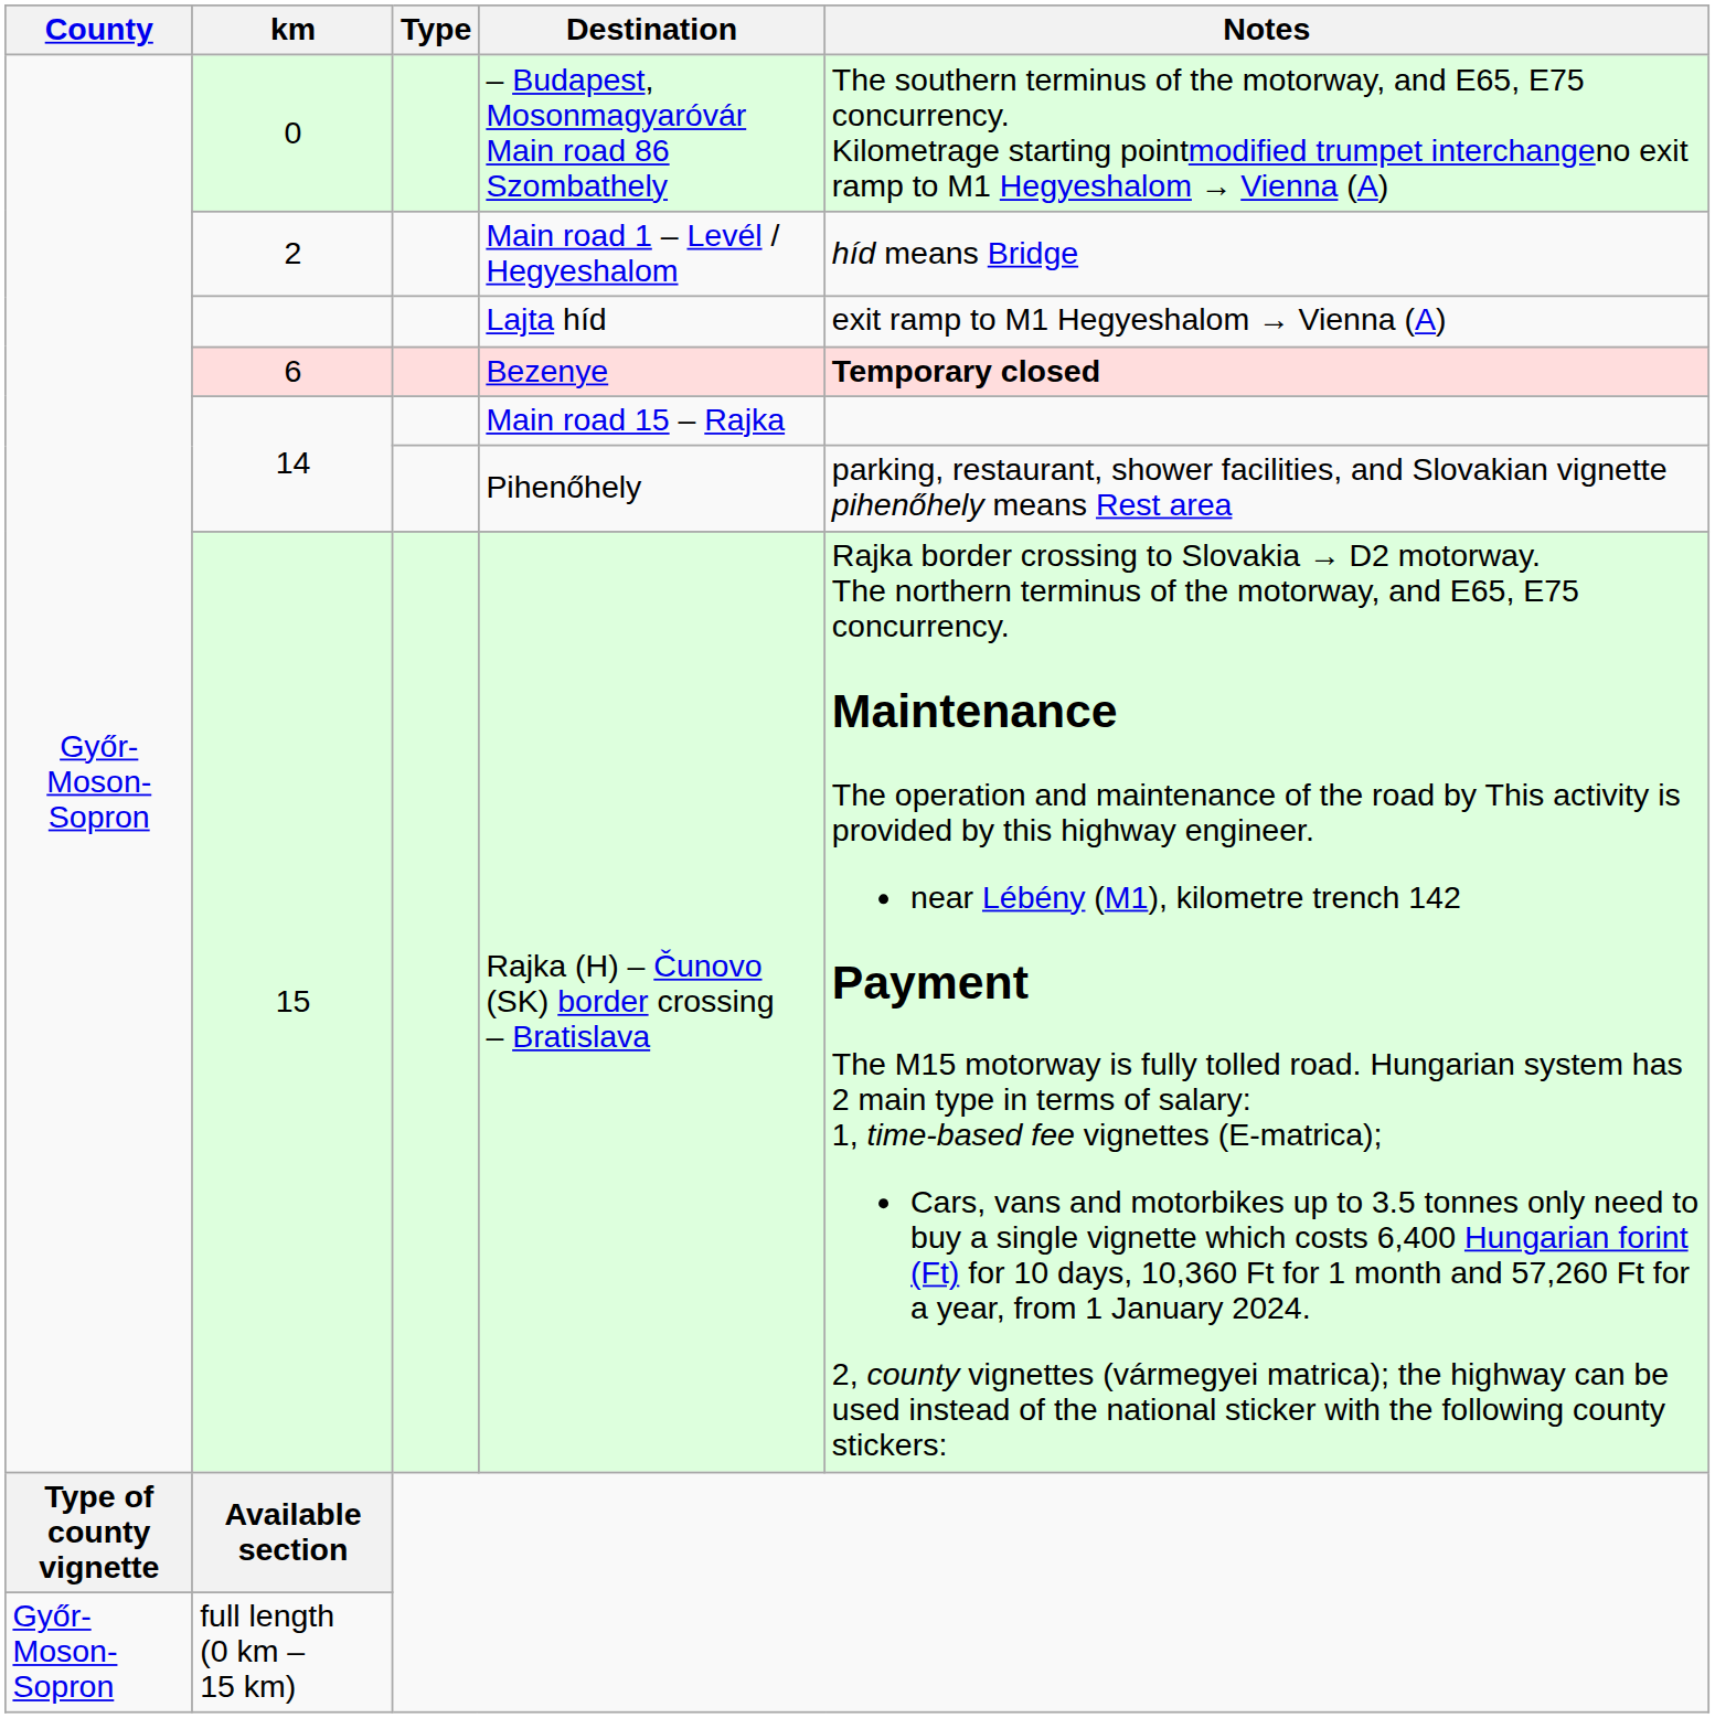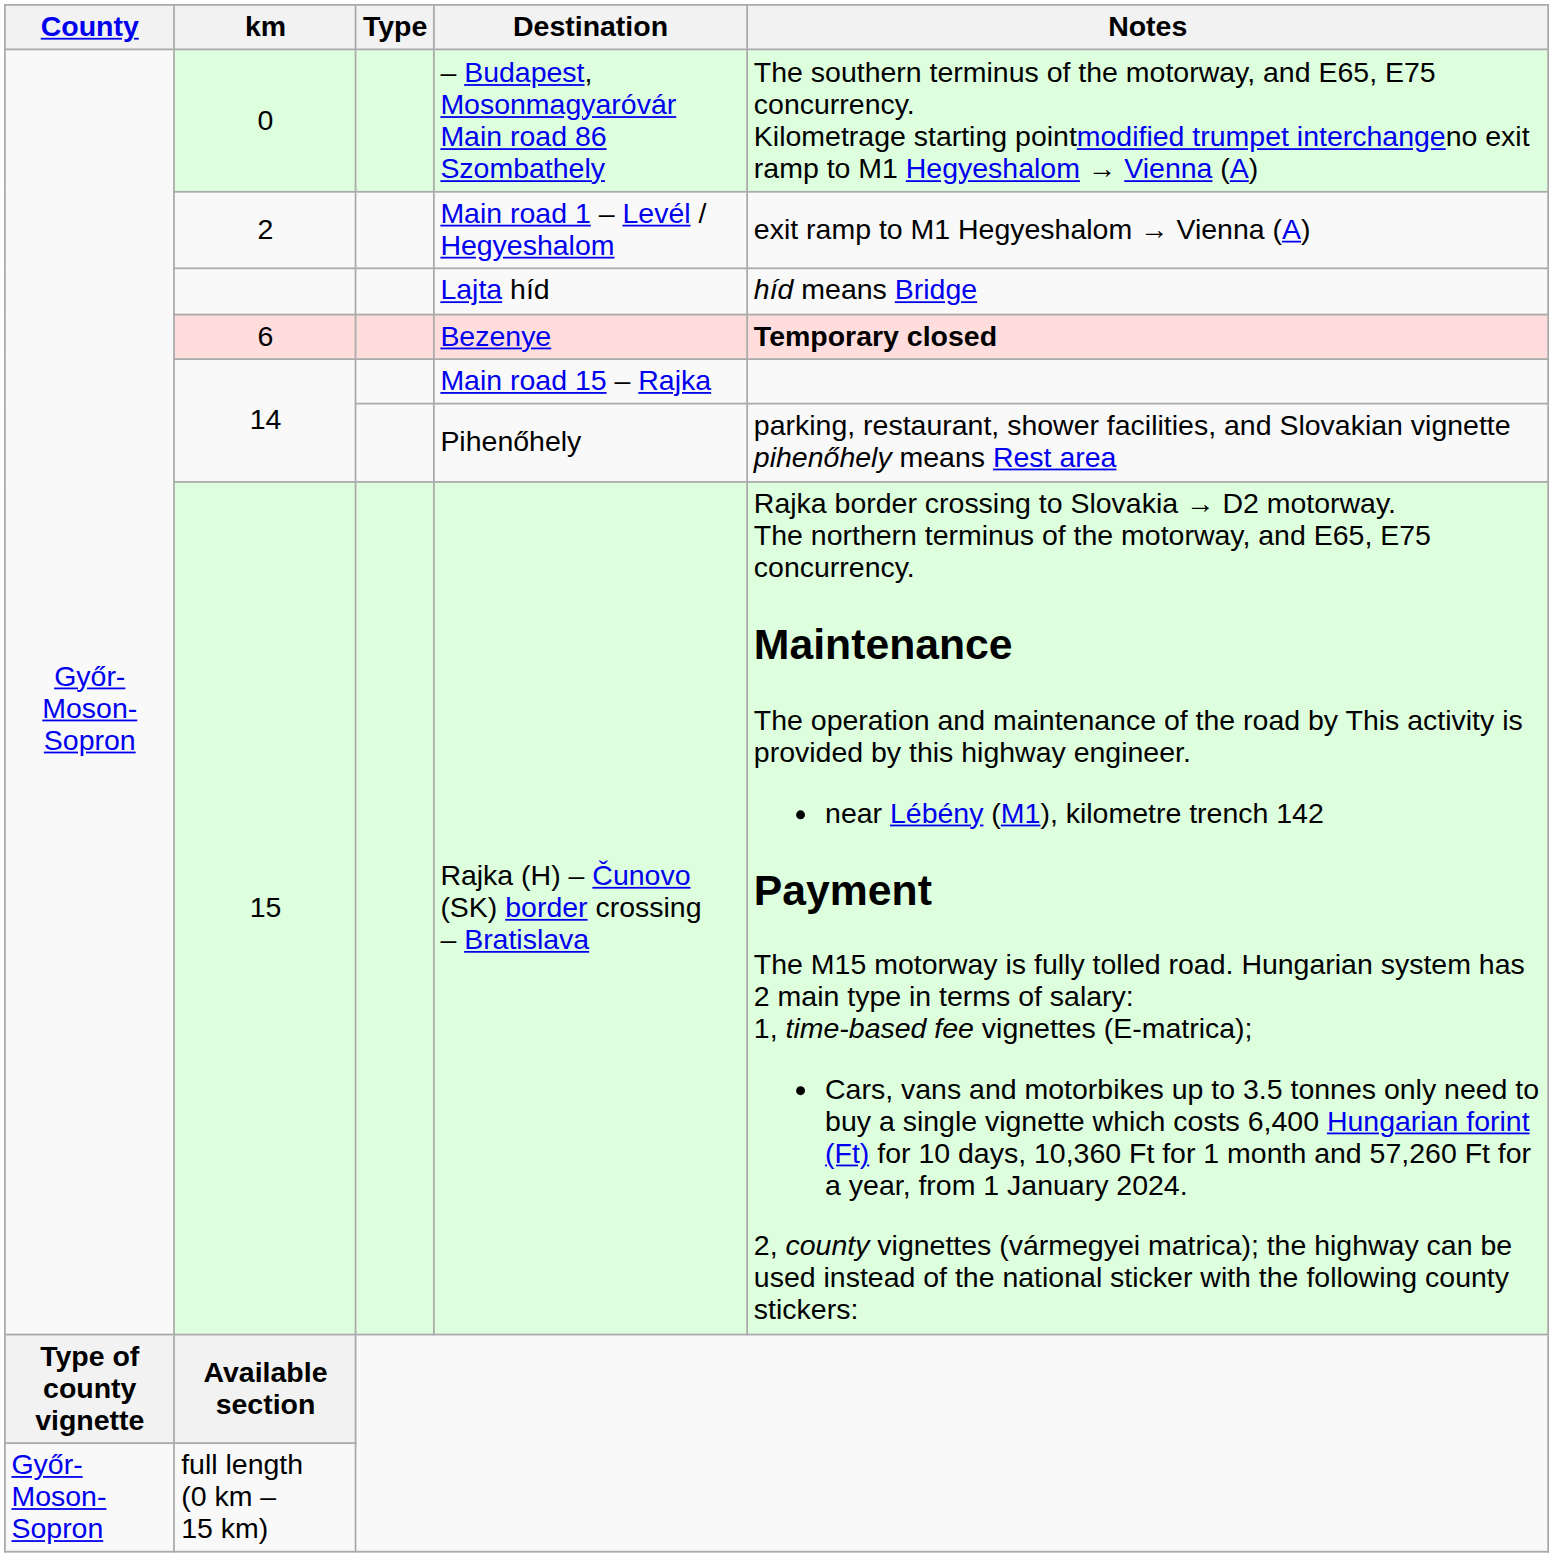 <table class="wikitable">
 <tr>
 <th scope="col"><a href='#'>County</a></th>
 <th scope="col">km</th>
 <th scope="col">Type</th>
 <th scope="col">Destination</th>
 <th scope="col">Notes</th>
 </tr>
 <tr>
 <td rowspan=7; align=center><br><a href='#'>Győr-Moson-Sopron</a></td>
 <td style="background:#dfd;" align=center>0</td>
 <td style="background:#dfd;" align=center></td>
 <td style="background:#dfd;"> – <a href='#'>Budapest</a>, <a href='#'>Mosonmagyaróvár</a><br> <a href='#'>Main road 86</a> <a href='#'>Szombathely</a></td>
 <td style="background:#dfd;">The southern terminus of the  motorway, and E65, E75 concurrency.<br>Kilometrage starting point<a href='#'>modified trumpet interchange</a>no exit ramp to M1 <a href='#'>Hegyeshalom</a> → <a href='#'>Vienna</a> (<a href='#'>A</a>)</td>
 </tr>
 <tr>
 <td align=center>2</td>
 <td align=center></td>
 <td> <a href='#'>Main road 1</a> – <a href='#'>Levél</a> / <a href='#'>Hegyeshalom</a></td>
-<td><em>híd</em> means <a href='#'>Bridge</a></td>
+<td>exit ramp to M1 Hegyeshalom → Vienna (<a href='#'>A</a>)</td>
 </tr>
 <tr>
 <td align=center></td>
 <td align=center></td>
 <td><a href='#'>Lajta</a> híd</td>
-<td>exit ramp to M1 Hegyeshalom → Vienna (<a href='#'>A</a>)</td>
+<td><em>híd</em> means <a href='#'>Bridge</a></td>
 </tr>
 <tr>
 <td style="background:#fdd;" align=center>6</td>
 <td style="background:#fdd;" align=center></td>
 <td style="background:#fdd;"><a href='#'>Bezenye</a></td>
 <td style="background:#fdd;"><strong>Temporary closed</strong></td>
 </tr>
 <tr>
 <td rowspan=2; align=center>14</td>
 <td align=center></td>
 <td> <a href='#'>Main road 15</a> – <a href='#'>Rajka</a></td>
 <td></td>
 </tr>
 <tr>
 <td align=center></td>
 <td>Pihenőhely</td>
 <td>parking, restaurant, shower facilities, and Slovakian vignette<br><em>pihenőhely</em> means <a href='#'>Rest area</a></td>
 </tr>
 <tr>
 <td style="background:#dfd;" align=center>15</td>
 <td style="background:#dfd;" align=center></td>
 <td style="background:#dfd;">Rajka (H) – <a href='#'>Čunovo</a> (SK) <a href='#'>border</a> crossing<br> – <a href='#'>Bratislava</a></td>
 <td style="background:#dfd;">Rajka border crossing to Slovakia → D2 motorway.<br>The northern terminus of the motorway, and E65, E75 concurrency. <h2>Maintenance</h2>The operation and maintenance of the road by  This activity is provided by this highway engineer.<ul><li>near <a href='#'>Lébény</a> (<a href='#'>M1</a>), kilometre trench 142</li></ul><h2>Payment</h2>The M15 motorway is fully tolled road. Hungarian system has 2 main type in terms of salary:<br>1, <em>time-based fee</em> vignettes (E-matrica);<ul><li>Cars, vans and motorbikes up to 3.5 tonnes only need to buy a single vignette which costs 6,400 <a href='#'>Hungarian forint (Ft)</a> for 10 days, 10,360 Ft for 1 month and 57,260 Ft for a year, from 1 January 2024.</li></ul>2, <em>county</em> vignettes (vármegyei matrica); the highway can be used instead of the national sticker with the following county stickers:</td>
 </tr>
 <tr>
 <th>Type of county vignette</th>
 <th>Available section</th>
 </tr>
 <tr>
 <td><a href='#'>Győr-Moson-Sopron</a></td>
 <td>full length (0 km – 15 km)</td>
 </tr>
 </table>
